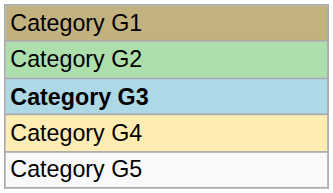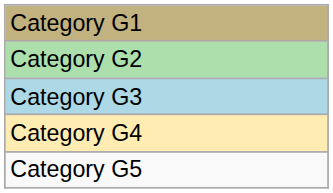 <table class="wikitable" style="font-size:85%;" width=12%>
 <tr bgcolor=#C2B280>
 <td>Category G1</td>
 </tr>
 <tr bgcolor="#ADDFAD">
 <td>Category G2</td>
 </tr>
 <tr bgcolor="lightblue">
-<td><strong>Category G3</strong></td>
+<td>Category G3</td>
 </tr>
 <tr bgcolor=#ffecb2>
 <td>Category G4</td>
 </tr>
 <tr>
 <td>Category G5</td>
 </tr>
 </table>
